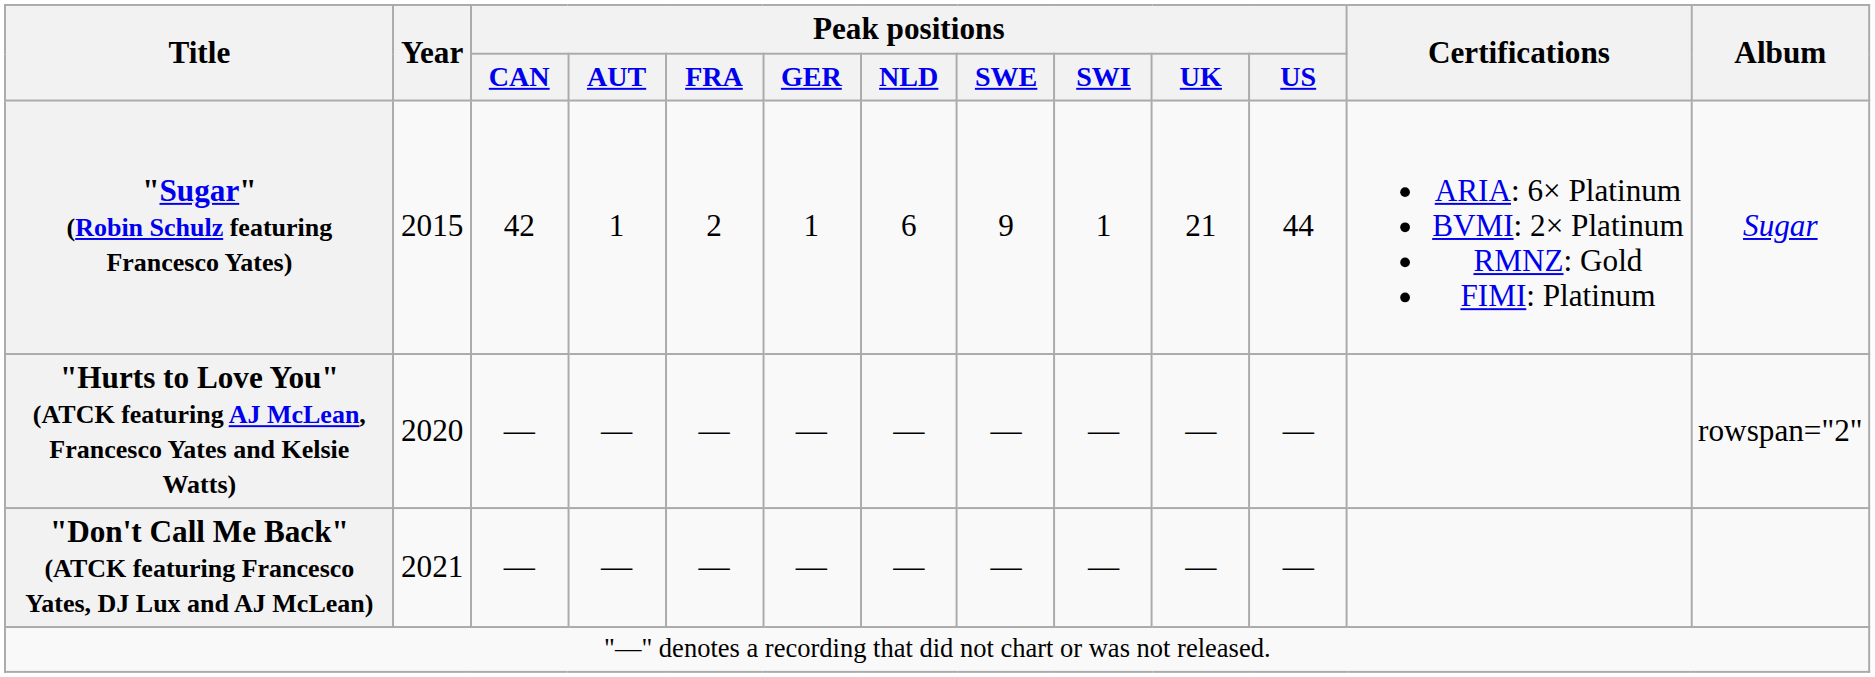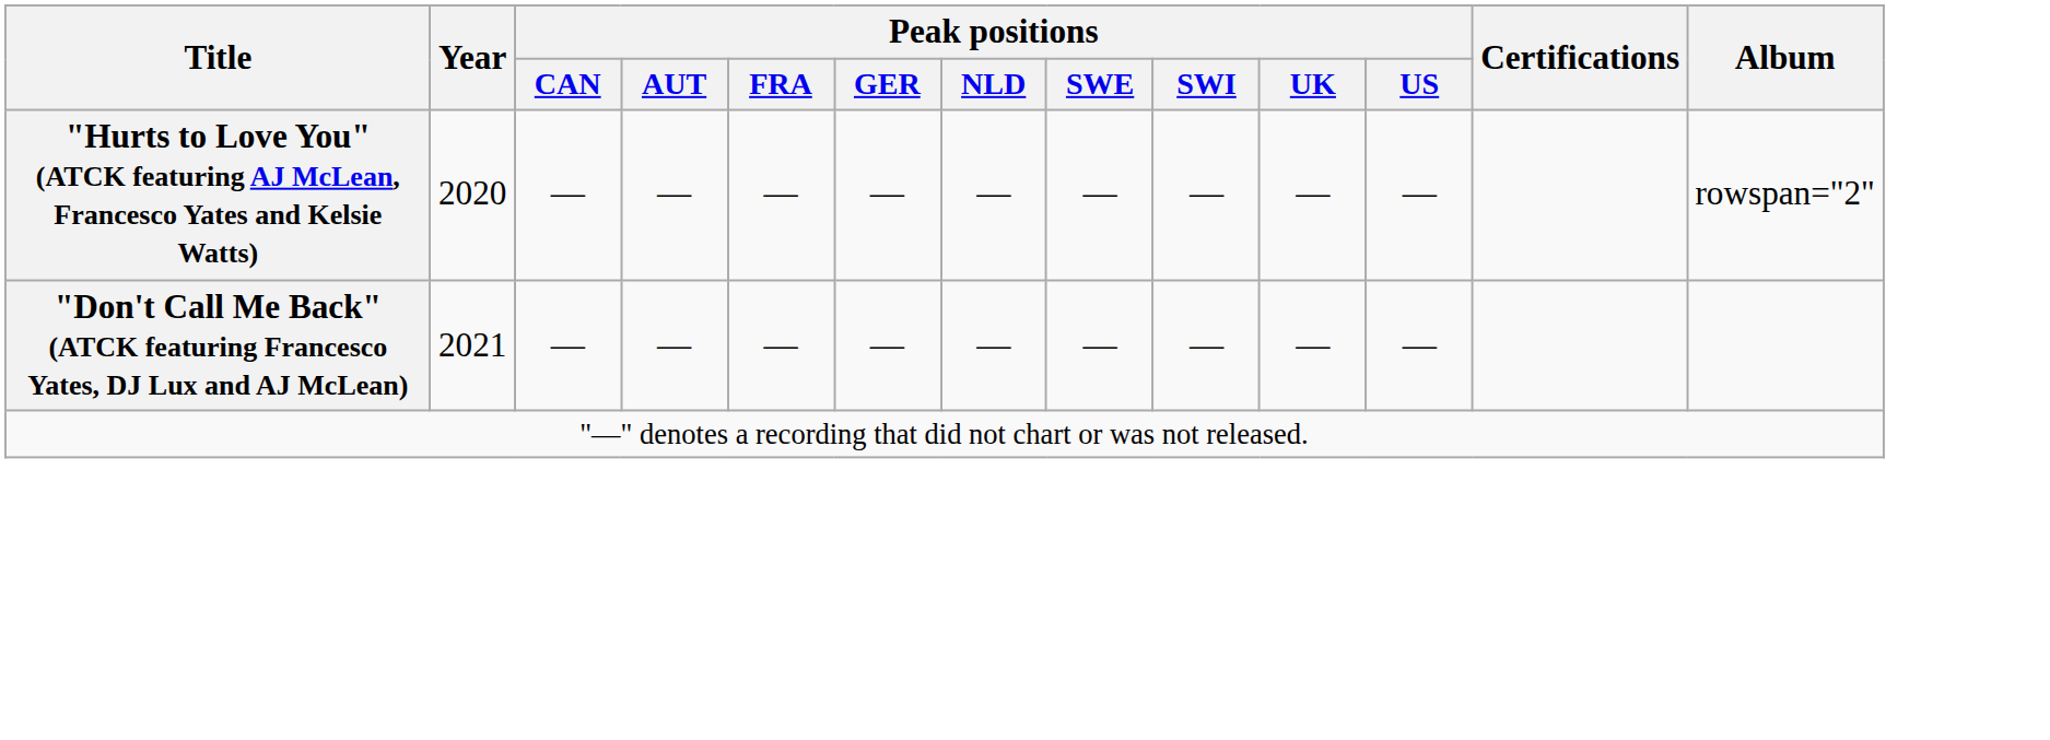 <table class="wikitable plainrowheaders" style="text-align:center">
 <tr>
 <th rowspan="2" style="width:12em;">Title</th>
 <th rowspan="2">Year</th>
 <th colspan="9">Peak positions</th>
 <th rowspan="2">Certifications</th>
 <th rowspan="2">Album</th>
 </tr>
 <tr>
 <th scope="col" style="width:3em;font-size:90%;"><a href='#'>CAN</a><br></th>
 <th scope="col" style="width:3em;font-size:90%;"><a href='#'>AUT</a><br></th>
 <th scope="col" style="width:3em;font-size:90%;"><a href='#'>FRA</a><br></th>
 <th scope="col" style="width:3em;font-size:90%;"><a href='#'>GER</a><br></th>
 <th scope="col" style="width:3em;font-size:90%;"><a href='#'>NLD</a><br></th>
 <th scope="col" style="width:3em;font-size:90%;"><a href='#'>SWE</a><br></th>
 <th scope="col" style="width:3em;font-size:90%;"><a href='#'>SWI</a><br></th>
 <th scope="col" style="width:3em;font-size:90%;"><a href='#'>UK</a></th>
 <th scope="col" style="width:3em;font-size:90%;"><a href='#'>US</a></th>
-</tr>
-<tr>
-<th scope="row">"<a href='#'>Sugar</a>"<br><small>(<a href='#'>Robin Schulz</a> featuring Francesco Yates)</small></th>
-<td>2015</td>
-<td>42</td>
-<td>1</td>
-<td>2</td>
-<td>1</td>
-<td>6</td>
-<td>9</td>
-<td>1</td>
-<td>21</td>
-<td>44</td>
-<td><br><ul><li><a href='#'>ARIA</a>: 6× Platinum</li><li><a href='#'>BVMI</a>: 2× Platinum</li><li><a href='#'>RMNZ</a>: Gold</li><li><a href='#'>FIMI</a>: Platinum</li></ul></td>
-<td><em><a href='#'>Sugar</a></em></td>
 </tr>
 <tr>
 <th scope="row">"Hurts to Love You"<br><small>(ATCK featuring <a href='#'>AJ McLean</a>, Francesco Yates and Kelsie Watts)</small></th>
 <td>2020</td>
 <td>—</td>
 <td>—</td>
 <td>—</td>
 <td>—</td>
 <td>—</td>
 <td>—</td>
 <td>—</td>
 <td>—</td>
 <td>—</td>
 <td></td>
 <td>rowspan="2" </td>
 </tr>
 <tr>
 <th scope="row">"Don't Call Me Back"<br><small>(ATCK featuring Francesco Yates, DJ Lux and AJ McLean)</small></th>
 <td>2021</td>
 <td>—</td>
 <td>—</td>
 <td>—</td>
 <td>—</td>
 <td>—</td>
 <td>—</td>
 <td>—</td>
 <td>—</td>
 <td>—</td>
 <td></td>
 </tr>
 <tr>
 <td colspan="13" style="font-size:85%">"—" denotes a recording that did not chart or was not released.</td>
 </tr>
 </table>
